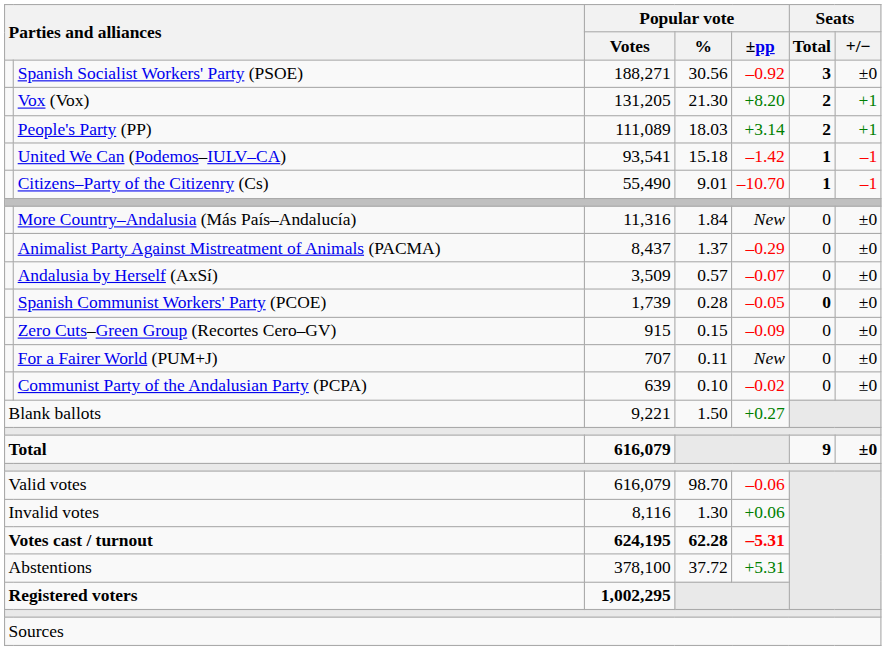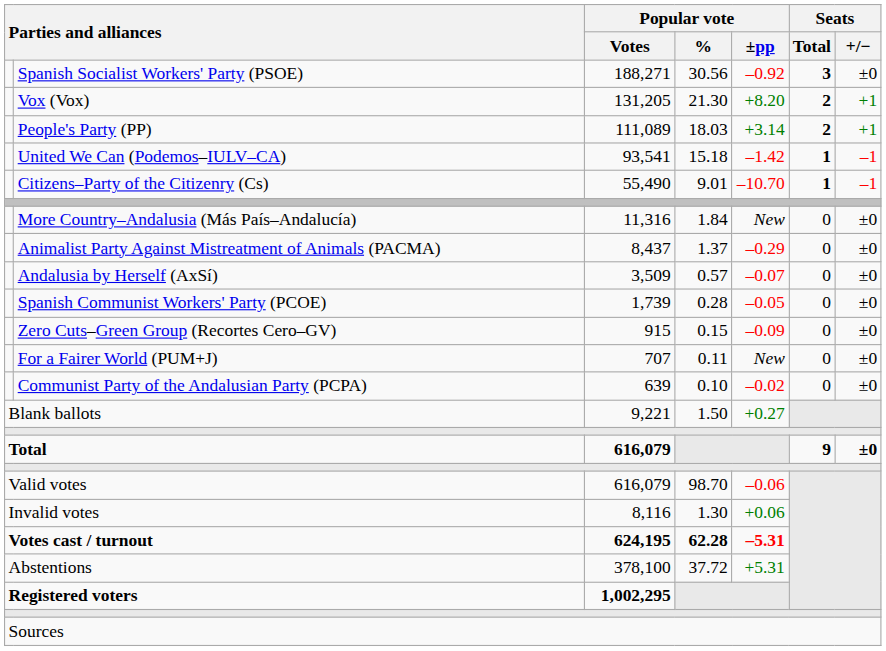 <table class="wikitable" style="text-align:right;">
 <tr>
 <th style="text-align:left;" rowspan="2" colspan="2" width="525">Parties and alliances</th>
 <th colspan="3">Popular vote</th>
 <th colspan="2">Seats</th>
 </tr>
 <tr>
 <th width="75">Votes</th>
 <th width="45">%</th>
 <th width="45">±<a href='#'>pp</a></th>
 <th width="35">Total</th>
 <th width="35">+/−</th>
 </tr>
 <tr>
 <td width="1" style="color:inherit;background:"></td>
 <td align="left"><a href='#'>Spanish Socialist Workers' Party</a> (PSOE)</td>
 <td>188,271</td>
 <td>30.56</td>
 <td style="color:red;">–0.92</td>
 <td><strong>3</strong></td>
 <td>±0</td>
 </tr>
 <tr>
 <td style="color:inherit;background:"></td>
 <td align="left"><a href='#'>Vox</a> (Vox)</td>
 <td>131,205</td>
 <td>21.30</td>
 <td style="color:green;">+8.20</td>
 <td><strong>2</strong></td>
 <td style="color:green;">+1</td>
 </tr>
 <tr>
 <td style="color:inherit;background:"></td>
 <td align="left"><a href='#'>People's Party</a> (PP)</td>
 <td>111,089</td>
 <td>18.03</td>
 <td style="color:green;">+3.14</td>
 <td><strong>2</strong></td>
 <td style="color:green;">+1</td>
 </tr>
 <tr>
 <td style="color:inherit;background:"></td>
 <td align="left"><a href='#'>United We Can</a> (<a href='#'>Podemos</a>–<a href='#'>IULV–CA</a>)</td>
 <td>93,541</td>
 <td>15.18</td>
 <td style="color:red;">–1.42</td>
 <td><strong>1</strong></td>
 <td style="color:red;">–1</td>
 </tr>
 <tr>
 <td style="color:inherit;background:"></td>
 <td align="left"><a href='#'>Citizens–Party of the Citizenry</a> (Cs)</td>
 <td>55,490</td>
 <td>9.01</td>
 <td style="color:red;">–10.70</td>
 <td><strong>1</strong></td>
 <td style="color:red;">–1</td>
 </tr>
 <tr>
 <td colspan="7" bgcolor="#C0C0C0"></td>
 </tr>
 <tr>
 <td style="color:inherit;background:"></td>
 <td align="left"><a href='#'>More Country–Andalusia</a> (Más País–Andalucía)</td>
 <td>11,316</td>
 <td>1.84</td>
 <td><em>New</em></td>
 <td>0</td>
 <td>±0</td>
 </tr>
 <tr>
 <td style="color:inherit;background:"></td>
 <td align="left"><a href='#'>Animalist Party Against Mistreatment of Animals</a> (PACMA)</td>
 <td>8,437</td>
 <td>1.37</td>
 <td style="color:red;">–0.29</td>
 <td>0</td>
 <td>±0</td>
 </tr>
 <tr>
 <td style="color:inherit;background:"></td>
 <td align="left"><a href='#'>Andalusia by Herself</a> (AxSí)</td>
 <td>3,509</td>
 <td>0.57</td>
 <td style="color:red;">–0.07</td>
 <td>0</td>
 <td>±0</td>
 </tr>
 <tr>
 <td style="color:inherit;background:"></td>
 <td align="left"><a href='#'>Spanish Communist Workers' Party</a> (PCOE)</td>
 <td>1,739</td>
 <td>0.28</td>
 <td style="color:red;">–0.05</td>
-<td><strong>0</strong></td>
+<td>0</td>
 <td>±0</td>
 </tr>
 <tr>
 <td style="color:inherit;background:"></td>
 <td align="left"><a href='#'>Zero Cuts</a>–<a href='#'>Green Group</a> (Recortes Cero–GV)</td>
 <td>915</td>
 <td>0.15</td>
 <td style="color:red;">–0.09</td>
 <td>0</td>
 <td>±0</td>
 </tr>
 <tr>
 <td style="color:inherit;background:"></td>
 <td align="left"><a href='#'>For a Fairer World</a> (PUM+J)</td>
 <td>707</td>
 <td>0.11</td>
 <td><em>New</em></td>
 <td>0</td>
 <td>±0</td>
 </tr>
 <tr>
 <td style="color:inherit;background:"></td>
 <td align="left"><a href='#'>Communist Party of the Andalusian Party</a> (PCPA)</td>
 <td>639</td>
 <td>0.10</td>
 <td style="color:red;">–0.02</td>
 <td>0</td>
 <td>±0</td>
 </tr>
 <tr>
 <td align="left" colspan="2">Blank ballots</td>
 <td>9,221</td>
 <td>1.50</td>
 <td style="color:green;">+0.27</td>
 <td bgcolor="#E9E9E9" colspan="2"></td>
 </tr>
 <tr>
 <td colspan="7" bgcolor="#E9E9E9"></td>
 </tr>
 <tr style="font-weight:bold;">
 <td align="left" colspan="2">Total</td>
 <td>616,079</td>
 <td bgcolor="#E9E9E9" colspan="2"></td>
 <td>9</td>
 <td>±0</td>
 </tr>
 <tr>
 <td colspan="7" bgcolor="#E9E9E9"></td>
 </tr>
 <tr>
 <td align="left" colspan="2">Valid votes</td>
 <td>616,079</td>
 <td>98.70</td>
 <td style="color:red;">–0.06</td>
 <td bgcolor="#E9E9E9" colspan="2" rowspan="5"></td>
 </tr>
 <tr>
 <td align="left" colspan="2">Invalid votes</td>
 <td>8,116</td>
 <td>1.30</td>
 <td style="color:green;">+0.06</td>
 </tr>
 <tr style="font-weight:bold;">
 <td align="left" colspan="2">Votes cast / turnout</td>
 <td>624,195</td>
 <td>62.28</td>
 <td style="color:red;">–5.31</td>
 </tr>
 <tr>
 <td align="left" colspan="2">Abstentions</td>
 <td>378,100</td>
 <td>37.72</td>
 <td style="color:green;">+5.31</td>
 </tr>
 <tr style="font-weight:bold;">
 <td align="left" colspan="2">Registered voters</td>
 <td>1,002,295</td>
 <td bgcolor="#E9E9E9" colspan="2"></td>
 </tr>
 <tr>
 <td colspan="7" bgcolor="#E9E9E9"></td>
 </tr>
 <tr>
 <td align="left" colspan="7">Sources</td>
 </tr>
 </table>
